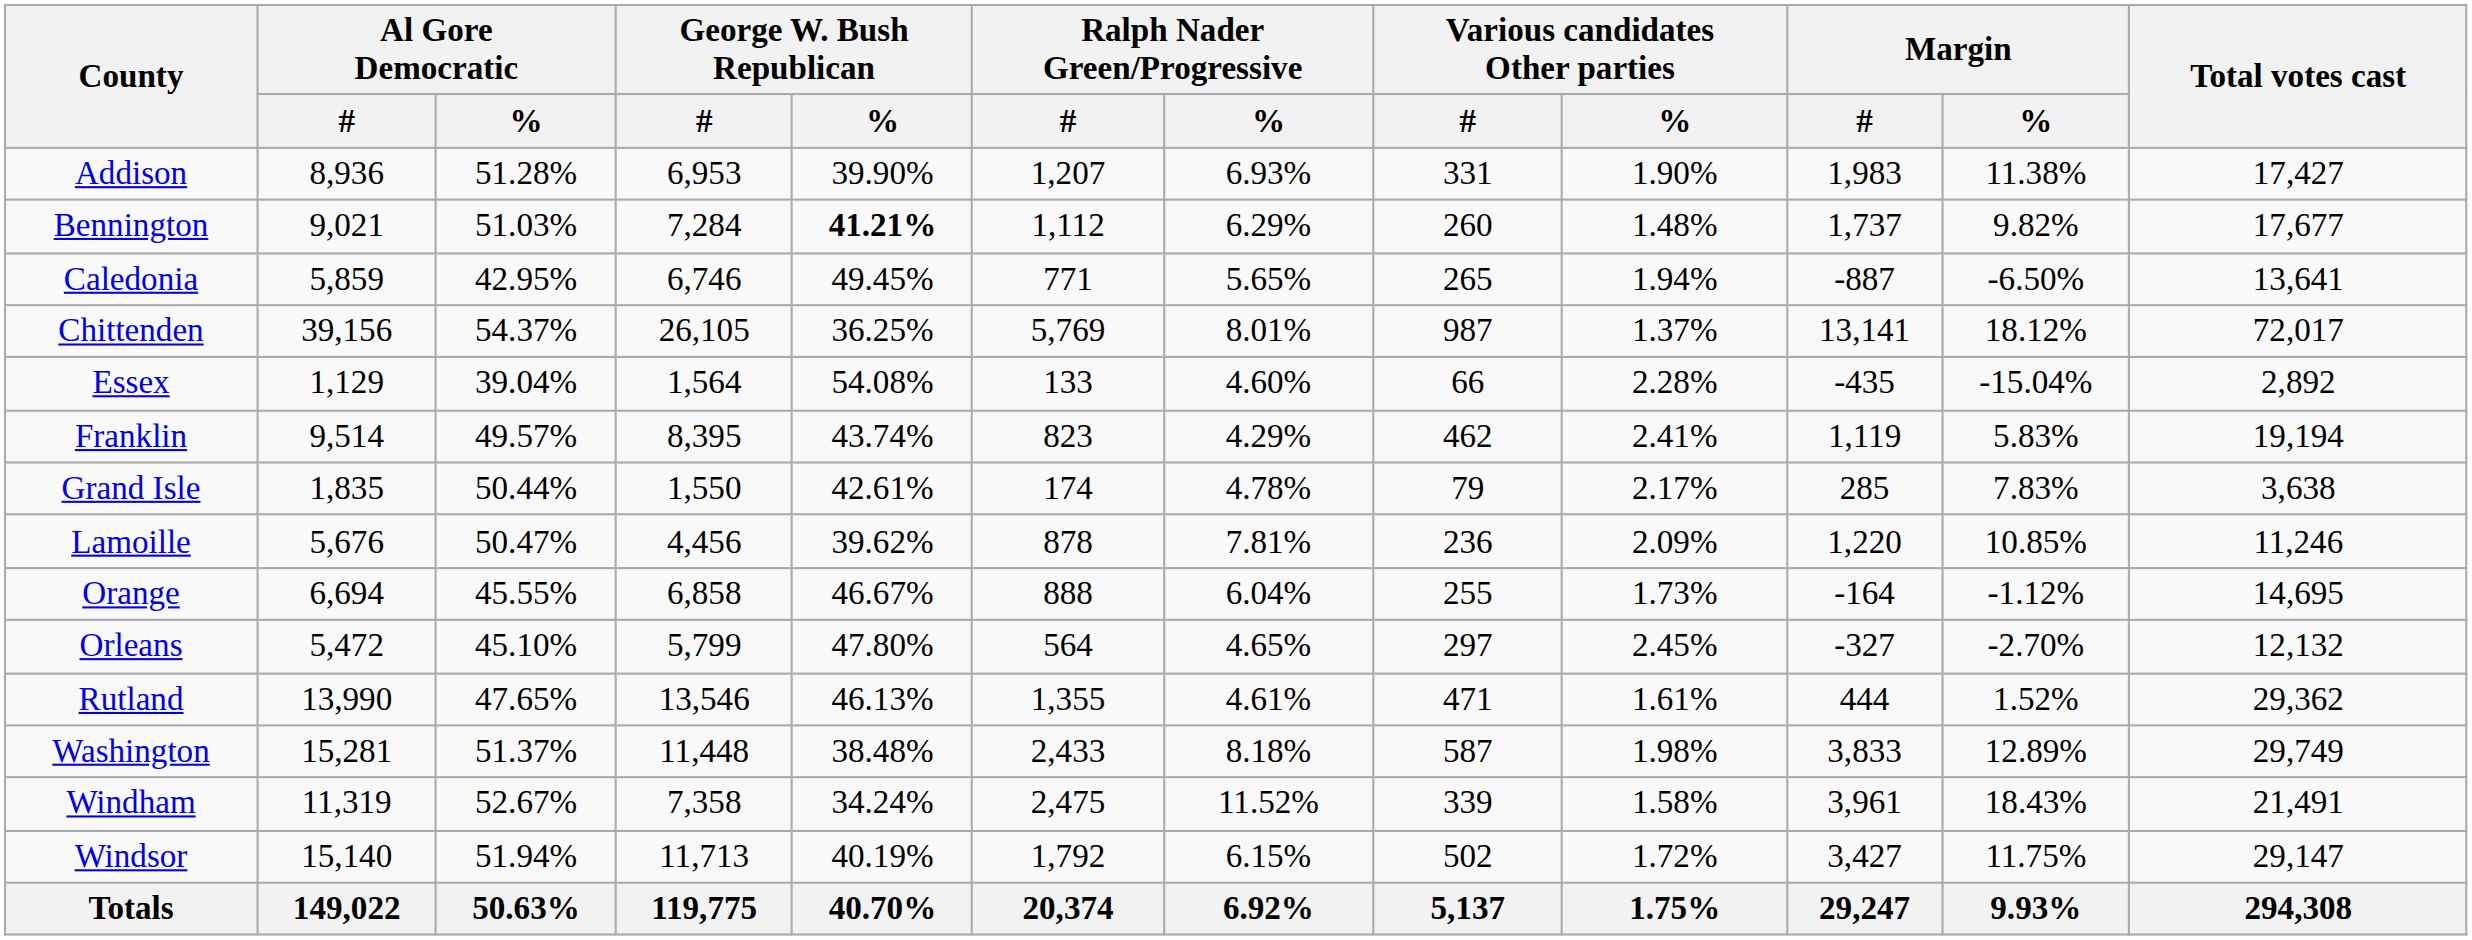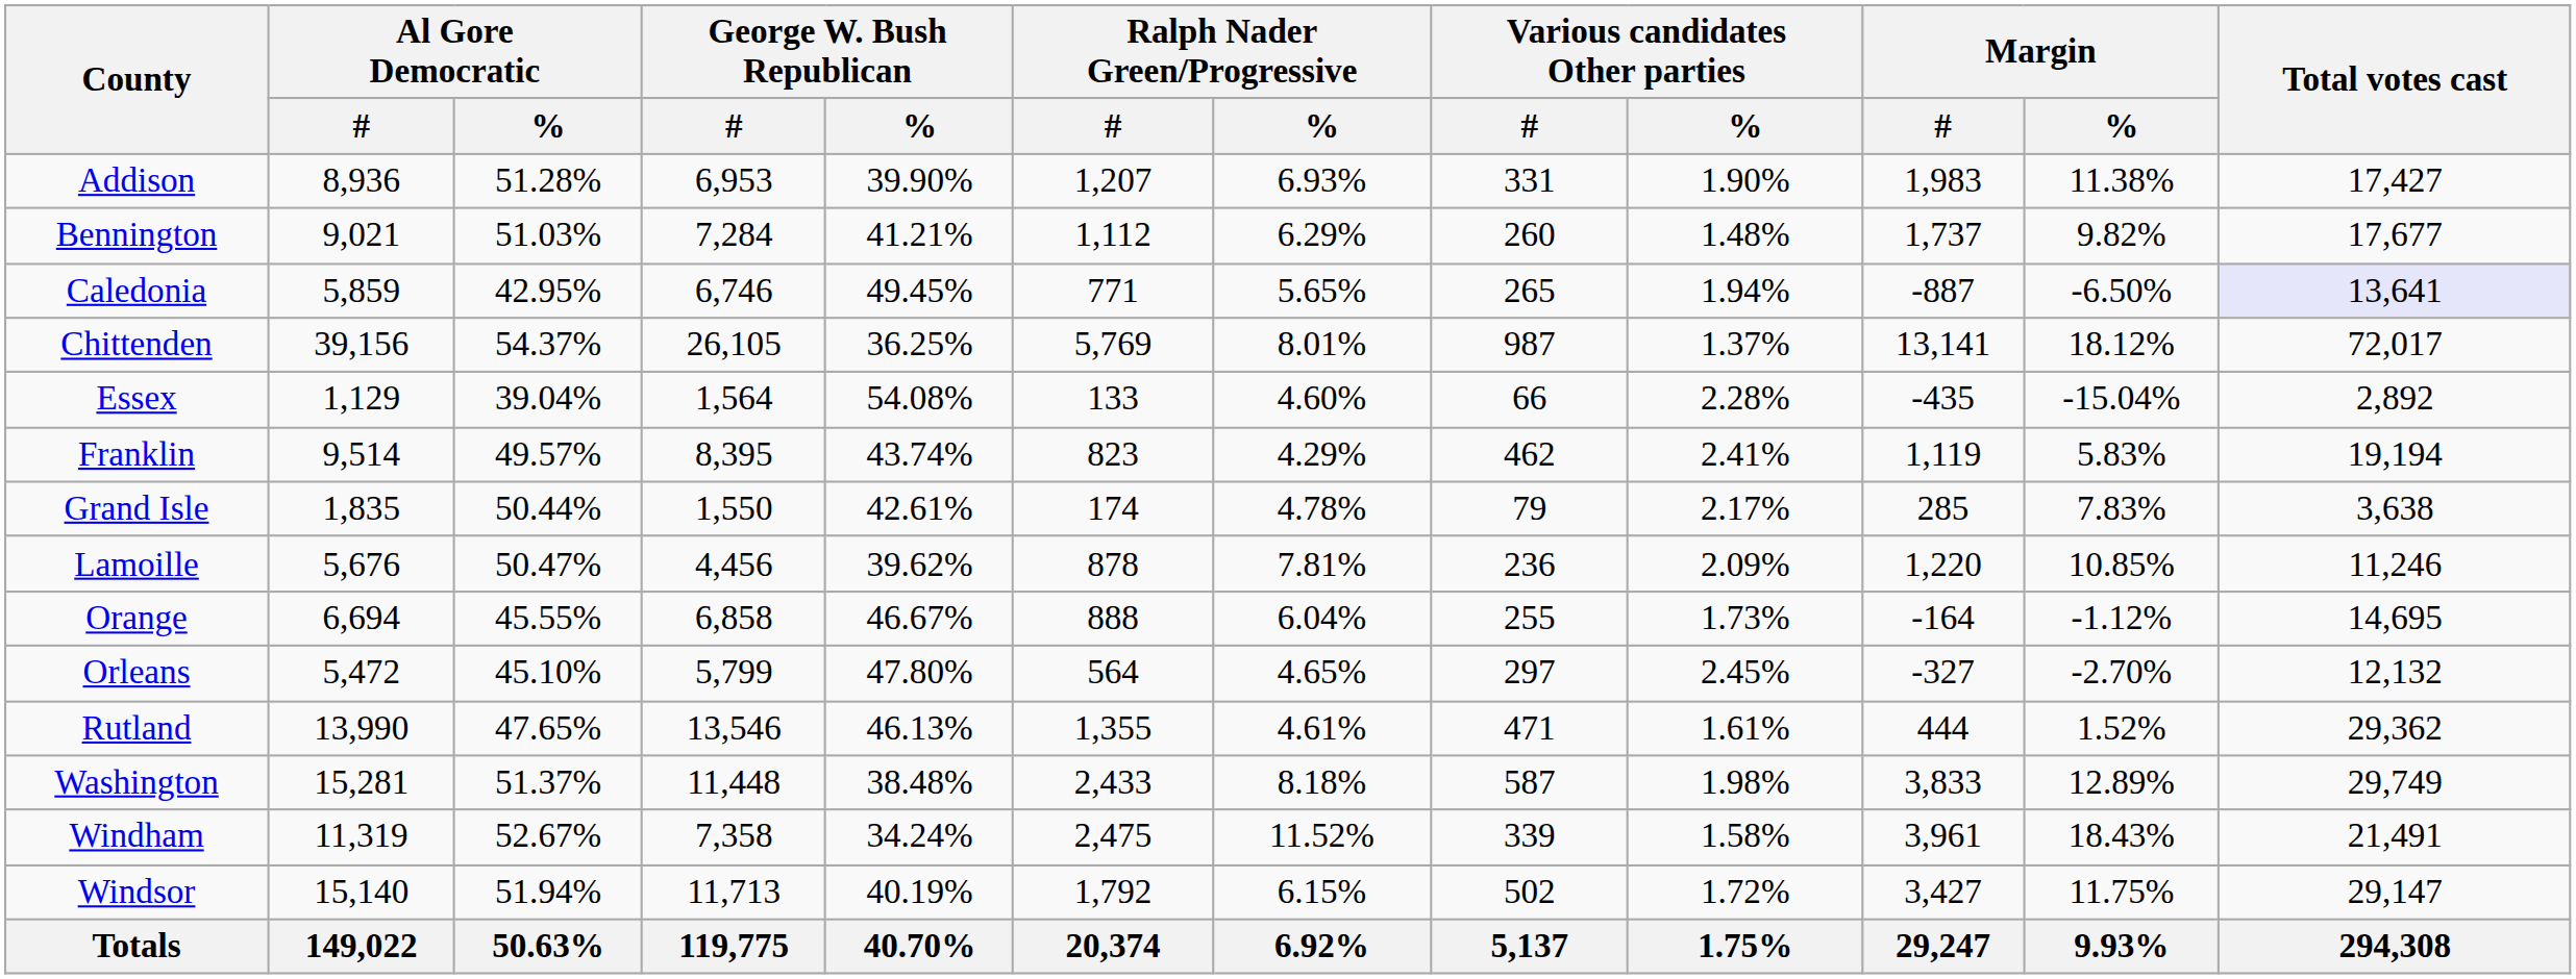 <table width="60%"  class="wikitable sortable" style="text-align:center">
 <tr>
 <th style="text-align:center;" rowspan="2">County</th>
 <th style="text-align:center;" colspan="2">Al Gore<br>Democratic</th>
 <th style="text-align:center;" colspan="2">George W. Bush<br>Republican</th>
 <th style="text-align:center;" colspan="2">Ralph Nader<br>Green/Progressive</th>
 <th style="text-align:center;" colspan="2">Various candidates<br>Other parties</th>
 <th style="text-align:center;" colspan="2">Margin</th>
 <th style="text-align:center;" rowspan="2">Total votes cast</th>
 </tr>
 <tr>
 <th style="text-align:center;" data-sort-type="number">#</th>
 <th style="text-align:center;" data-sort-type="number">%</th>
 <th style="text-align:center;" data-sort-type="number">#</th>
 <th style="text-align:center;" data-sort-type="number">%</th>
 <th style="text-align:center;" data-sort-type="number">#</th>
 <th style="text-align:center;" data-sort-type="number">%</th>
 <th style="text-align:center;" data-sort-type="number">#</th>
 <th style="text-align:center;" data-sort-type="number">%</th>
 <th style="text-align:center;" data-sort-type="number">#</th>
 <th style="text-align:center;" data-sort-type="number">%</th>
 </tr>
 <tr style="text-align:center;">
 <td><a href='#'>Addison</a></td>
 <td>8,936</td>
 <td>51.28%</td>
 <td>6,953</td>
 <td>39.90%</td>
 <td>1,207</td>
 <td>6.93%</td>
 <td>331</td>
 <td>1.90%</td>
 <td>1,983</td>
 <td>11.38%</td>
 <td>17,427</td>
 </tr>
 <tr style="text-align:center;">
 <td><a href='#'>Bennington</a></td>
 <td>9,021</td>
 <td>51.03%</td>
 <td>7,284</td>
-<td><strong>41.21%</strong></td>
+<td>41.21%</td>
 <td>1,112</td>
 <td>6.29%</td>
 <td>260</td>
 <td>1.48%</td>
 <td>1,737</td>
 <td>9.82%</td>
 <td>17,677</td>
 </tr>
 <tr style="text-align:center;">
 <td><a href='#'>Caledonia</a></td>
 <td>5,859</td>
 <td>42.95%</td>
 <td>6,746</td>
 <td>49.45%</td>
 <td>771</td>
 <td>5.65%</td>
 <td>265</td>
 <td>1.94%</td>
 <td>-887</td>
 <td>-6.50%</td>
-<td>13,641</td>
+<td style="background: lavender;">13,641</td>
 </tr>
 <tr style="text-align:center;">
 <td><a href='#'>Chittenden</a></td>
 <td>39,156</td>
 <td>54.37%</td>
 <td>26,105</td>
 <td>36.25%</td>
 <td>5,769</td>
 <td>8.01%</td>
 <td>987</td>
 <td>1.37%</td>
 <td>13,141</td>
 <td>18.12%</td>
 <td>72,017</td>
 </tr>
 <tr style="text-align:center;">
 <td><a href='#'>Essex</a></td>
 <td>1,129</td>
 <td>39.04%</td>
 <td>1,564</td>
 <td>54.08%</td>
 <td>133</td>
 <td>4.60%</td>
 <td>66</td>
 <td>2.28%</td>
 <td>-435</td>
 <td>-15.04%</td>
 <td>2,892</td>
 </tr>
 <tr style="text-align:center;">
 <td><a href='#'>Franklin</a></td>
 <td>9,514</td>
 <td>49.57%</td>
 <td>8,395</td>
 <td>43.74%</td>
 <td>823</td>
 <td>4.29%</td>
 <td>462</td>
 <td>2.41%</td>
 <td>1,119</td>
 <td>5.83%</td>
 <td>19,194</td>
 </tr>
 <tr style="text-align:center;">
 <td><a href='#'>Grand Isle</a></td>
 <td>1,835</td>
 <td>50.44%</td>
 <td>1,550</td>
 <td>42.61%</td>
 <td>174</td>
 <td>4.78%</td>
 <td>79</td>
 <td>2.17%</td>
 <td>285</td>
 <td>7.83%</td>
 <td>3,638</td>
 </tr>
 <tr style="text-align:center;">
 <td><a href='#'>Lamoille</a></td>
 <td>5,676</td>
 <td>50.47%</td>
 <td>4,456</td>
 <td>39.62%</td>
 <td>878</td>
 <td>7.81%</td>
 <td>236</td>
 <td>2.09%</td>
 <td>1,220</td>
 <td>10.85%</td>
 <td>11,246</td>
 </tr>
 <tr style="text-align:center;">
 <td><a href='#'>Orange</a></td>
 <td>6,694</td>
 <td>45.55%</td>
 <td>6,858</td>
 <td>46.67%</td>
 <td>888</td>
 <td>6.04%</td>
 <td>255</td>
 <td>1.73%</td>
 <td>-164</td>
 <td>-1.12%</td>
 <td>14,695</td>
 </tr>
 <tr style="text-align:center;">
 <td><a href='#'>Orleans</a></td>
 <td>5,472</td>
 <td>45.10%</td>
 <td>5,799</td>
 <td>47.80%</td>
 <td>564</td>
 <td>4.65%</td>
 <td>297</td>
 <td>2.45%</td>
 <td>-327</td>
 <td>-2.70%</td>
 <td>12,132</td>
 </tr>
 <tr style="text-align:center;">
 <td><a href='#'>Rutland</a></td>
 <td>13,990</td>
 <td>47.65%</td>
 <td>13,546</td>
 <td>46.13%</td>
 <td>1,355</td>
 <td>4.61%</td>
 <td>471</td>
 <td>1.61%</td>
 <td>444</td>
 <td>1.52%</td>
 <td>29,362</td>
 </tr>
 <tr style="text-align:center;">
 <td><a href='#'>Washington</a></td>
 <td>15,281</td>
 <td>51.37%</td>
 <td>11,448</td>
 <td>38.48%</td>
 <td>2,433</td>
 <td>8.18%</td>
 <td>587</td>
 <td>1.98%</td>
 <td>3,833</td>
 <td>12.89%</td>
 <td>29,749</td>
 </tr>
 <tr style="text-align:center;">
 <td><a href='#'>Windham</a></td>
 <td>11,319</td>
 <td>52.67%</td>
 <td>7,358</td>
 <td>34.24%</td>
 <td>2,475</td>
 <td>11.52%</td>
 <td>339</td>
 <td>1.58%</td>
 <td>3,961</td>
 <td>18.43%</td>
 <td>21,491</td>
 </tr>
 <tr style="text-align:center;">
 <td><a href='#'>Windsor</a></td>
 <td>15,140</td>
 <td>51.94%</td>
 <td>11,713</td>
 <td>40.19%</td>
 <td>1,792</td>
 <td>6.15%</td>
 <td>502</td>
 <td>1.72%</td>
 <td>3,427</td>
 <td>11.75%</td>
 <td>29,147</td>
 </tr>
 <tr>
 <th>Totals</th>
 <th>149,022</th>
 <th>50.63%</th>
 <th>119,775</th>
 <th>40.70%</th>
 <th>20,374</th>
 <th>6.92%</th>
 <th>5,137</th>
 <th>1.75%</th>
 <th>29,247</th>
 <th>9.93%</th>
 <th>294,308</th>
 </tr>
 </table>
